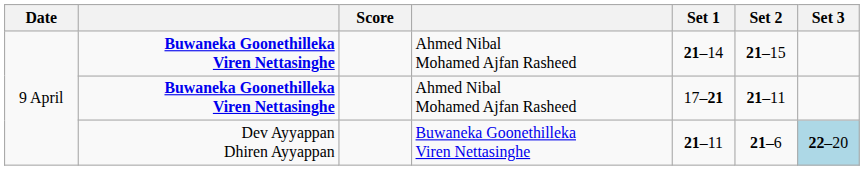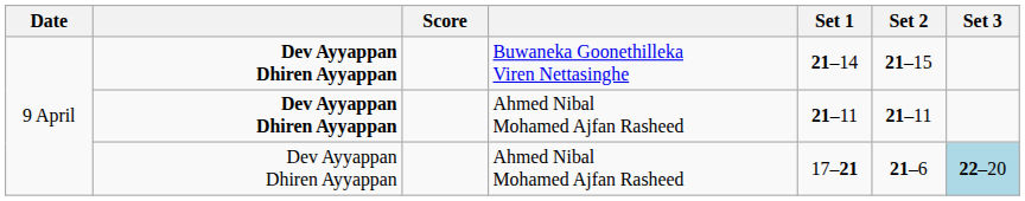 <table class="wikitable" style="text-align: center; font-size:90%">
 <tr>
 <th width="60">Date</th>
 <th align="right" width="230"></th>
 <th width="60">Score</th>
 <th align="left" width="230"></th>
 <th width="50">Set 1</th>
 <th width="50">Set 2</th>
 <th width="50">Set 3</th>
 </tr>
 <tr>
 <td rowspan="3">9 April</td>
-<td align="right"><strong><a href='#'>Buwaneka Goonethilleka</a> <br><a href='#'>Viren Nettasinghe</a> </strong></td>
+<td align="right"><strong>Dev Ayyappan <br>Dhiren Ayyappan </strong></td>
 <td></td>
-<td align="left"> Ahmed Nibal<br> Mohamed Ajfan Rasheed</td>
+<td align="left"> <a href='#'>Buwaneka Goonethilleka</a><br> <a href='#'>Viren Nettasinghe</a></td>
 <td><strong>21</strong>–14</td>
 <td><strong>21</strong>–15</td>
 <td></td>
 </tr>
 <tr>
-<td align="right"><strong><a href='#'>Buwaneka Goonethilleka</a> <br><a href='#'>Viren Nettasinghe</a> </strong></td>
+<td align="right"><strong>Dev Ayyappan <br>Dhiren Ayyappan </strong></td>
 <td></td>
 <td align="left"> Ahmed Nibal<br> Mohamed Ajfan Rasheed</td>
-<td>17–<strong>21</strong></td>
+<td><strong>21</strong>–11</td>
 <td><strong>21</strong>–11</td>
 <td></td>
 </tr>
 <tr>
 <td align="right">Dev Ayyappan <br>Dhiren Ayyappan </td>
 <td></td>
-<td align="left"> <a href='#'>Buwaneka Goonethilleka</a><br> <a href='#'>Viren Nettasinghe</a></td>
-<td><strong>21</strong>–11</td>
+<td align="left"> Ahmed Nibal<br> Mohamed Ajfan Rasheed</td>
+<td>17–<strong>21</strong></td>
 <td><strong>21</strong>–6</td>
 <td style="background: lightblue;"><strong>22</strong>–20</td>
 </tr>
 </table>
